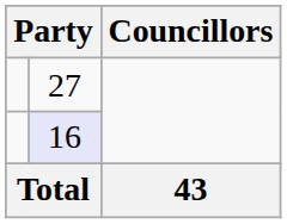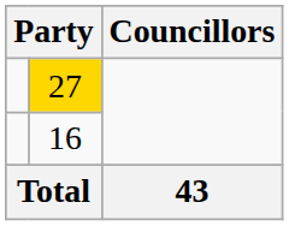 <table class="wikitable">
 <tr>
 <th colspan=2>Party</th>
 <th>Councillors</th>
 </tr>
 <tr>
 <td></td>
-<td align=center>27</td>
+<td align=center style="background: gold;">27</td>
 </tr>
 <tr>
 <td></td>
-<td align=center style="background: lavender;">16</td>
+<td align=center>16</td>
 </tr>
 <tr>
 <th colspan=2>Total</th>
 <th align=center>43</th>
 </tr>
 </table>
